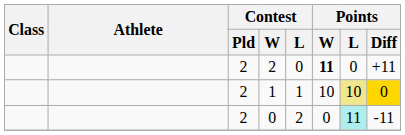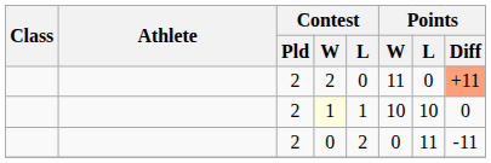 <table class=wikitable style="text-align:center">
 <tr>
 <th rowspan=2>Class</th>
 <th width=175 rowspan=2>Athlete</th>
 <th colspan=3>Contest</th>
 <th colspan=3>Points</th>
 </tr>
 <tr>
 <th width=20>Pld</th>
 <th width=20>W</th>
 <th width=20>L</th>
 <th width=20>W</th>
 <th width=20>L</th>
 <th width=20>Diff</th>
 </tr>
 <tr>
 <td></td>
 <td style="text-align:left"></td>
 <td>2</td>
 <td>2</td>
 <td>0</td>
-<td><strong>11</strong></td>
+<td>11</td>
 <td>0</td>
-<td>+11</td>
+<td style="background: lightsalmon;">+11</td>
 </tr>
 <tr>
 <td></td>
 <td style="text-align:left"></td>
 <td>2</td>
-<td>1</td>
+<td style="background: lightyellow;">1</td>
 <td>1</td>
 <td>10</td>
-<td style="background: khaki;">10</td>
-<td style="background: gold;">0</td>
+<td>10</td>
+<td>0</td>
 </tr>
 <tr>
 <td></td>
 <td style="text-align:left"></td>
 <td>2</td>
 <td>0</td>
 <td>2</td>
 <td>0</td>
-<td style="background: paleturquoise;">11</td>
+<td>11</td>
 <td>-11</td>
 </tr>
 <tr>
 </tr>
 </table>
